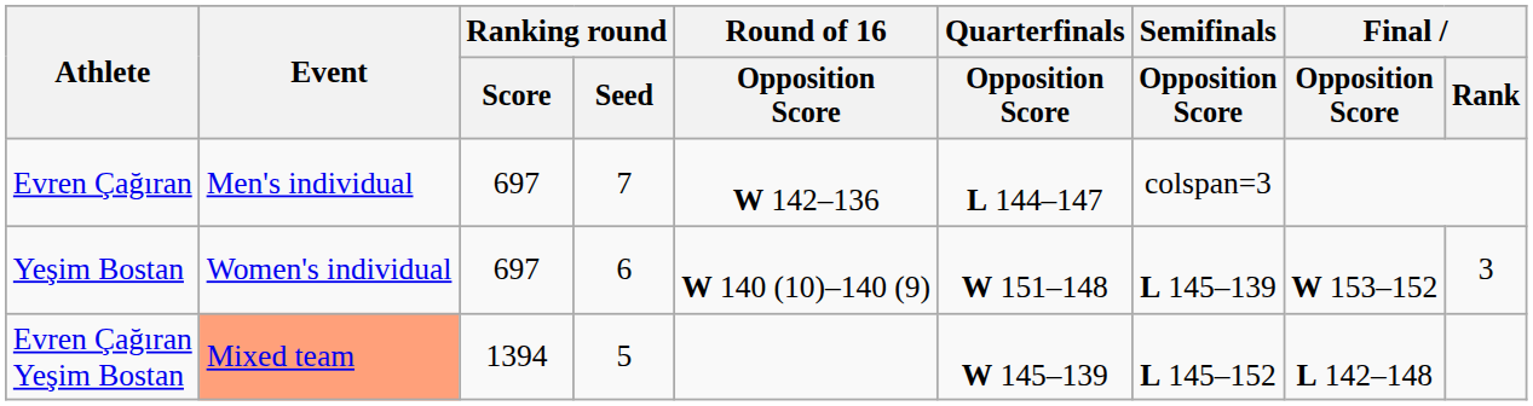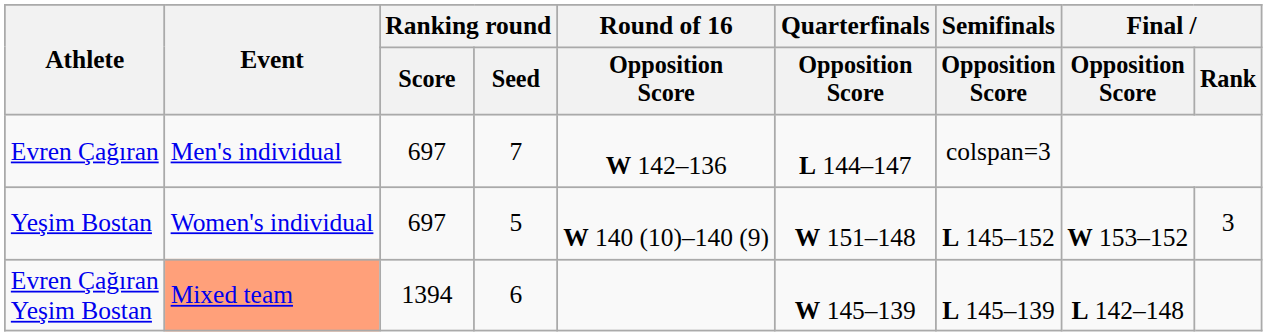 <table class="wikitable" style="text-align:center; font-size:90%">
 <tr>
 <th rowspan="2">Athlete</th>
 <th rowspan="2">Event</th>
 <th colspan="2">Ranking round</th>
 <th>Round of 16</th>
 <th>Quarterfinals</th>
 <th>Semifinals</th>
 <th colspan="2">Final / </th>
 </tr>
 <tr style="font-size:95%">
 <th>Score</th>
 <th>Seed</th>
 <th>Opposition<br>Score</th>
 <th>Opposition<br>Score</th>
 <th>Opposition<br>Score</th>
 <th>Opposition<br>Score</th>
 <th>Rank</th>
 </tr>
 <tr>
 <td align="left"><a href='#'>Evren Çağıran</a></td>
 <td align="left"><a href='#'>Men's individual</a></td>
 <td>697</td>
 <td>7</td>
 <td><br><strong>W</strong> 142–136</td>
 <td><br><strong>L</strong> 144–147</td>
 <td>colspan=3 </td>
 </tr>
 <tr>
 <td align="left"><a href='#'>Yeşim Bostan</a></td>
 <td align="left"><a href='#'>Women's individual</a></td>
 <td>697</td>
-<td>6</td>
+<td>5</td>
 <td><br><strong>W</strong> 140 (10)–140 (9)</td>
 <td><br><strong>W</strong> 151–148</td>
-<td><br><strong>L</strong> 145–139</td>
+<td><br><strong>L</strong> 145–152</td>
 <td><br><strong>W</strong> 153–152</td>
 <td>3</td>
 </tr>
 <tr>
 <td align="left"><a href='#'>Evren Çağıran</a><br><a href='#'>Yeşim Bostan</a></td>
 <td align="left" style="background: lightsalmon;"><a href='#'>Mixed team</a></td>
 <td>1394</td>
-<td>5</td>
+<td>6</td>
 <td></td>
 <td><br><strong>W</strong> 145–139</td>
-<td><br><strong>L</strong> 145–152</td>
+<td><br><strong>L</strong> 145–139</td>
 <td><br><strong>L</strong> 142–148</td>
 <td></td>
 </tr>
 </table>
